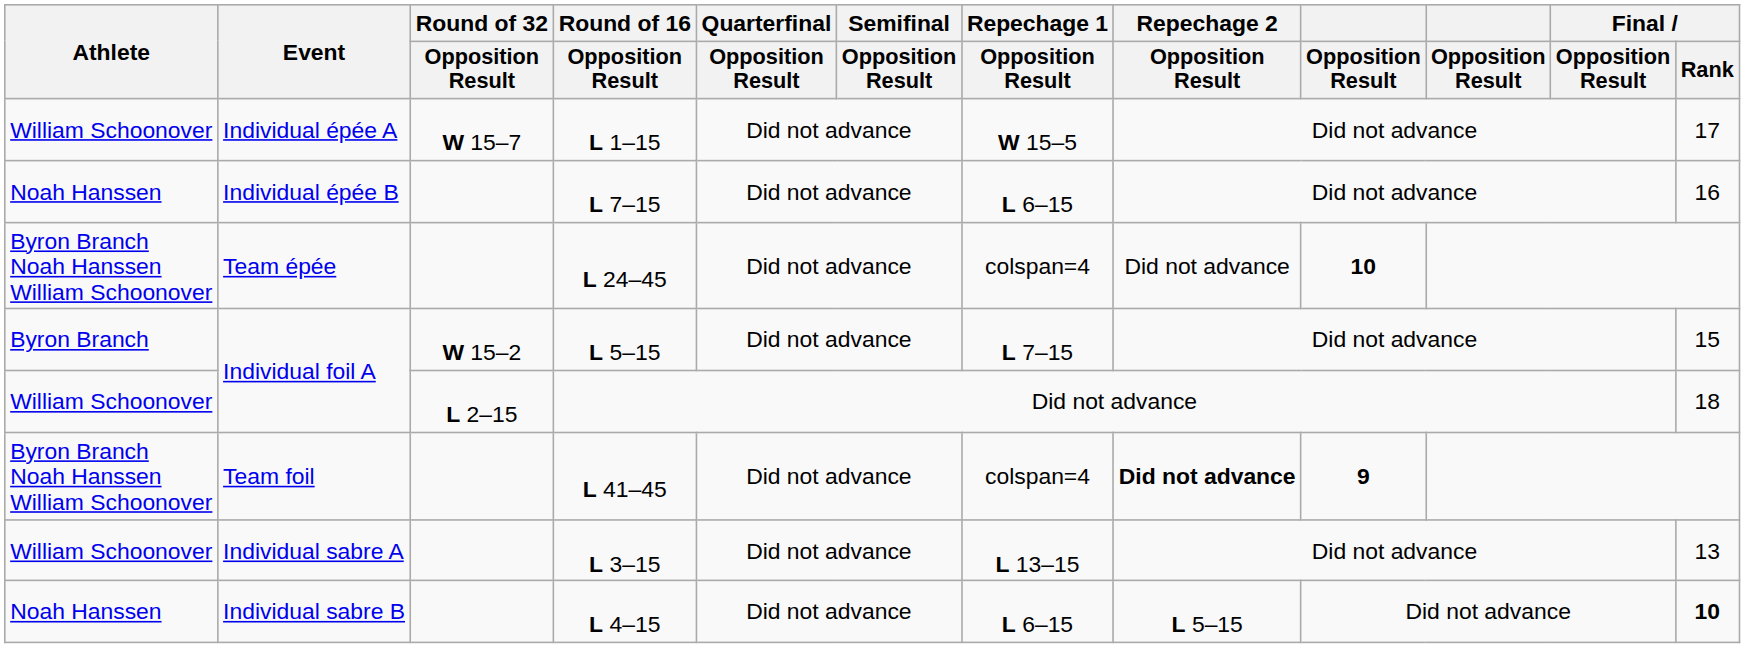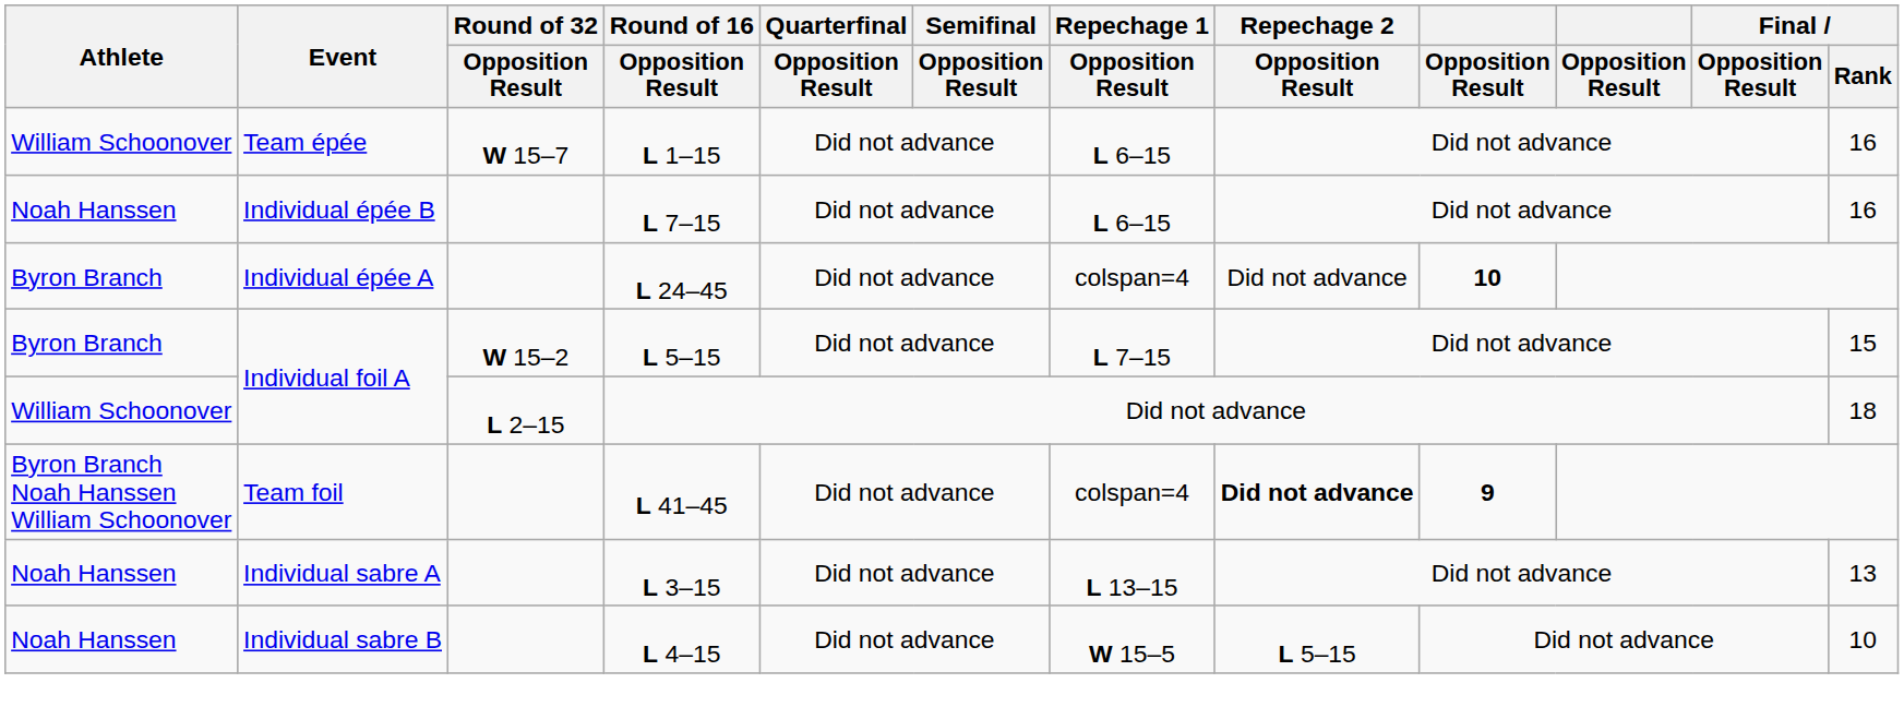 <table class=wikitable style=font-size:90%;text-align:center>
 <tr>
 <th rowspan=2>Athlete</th>
 <th rowspan=2>Event</th>
 <th>Round of 32</th>
 <th>Round of 16</th>
 <th>Quarterfinal</th>
 <th>Semifinal</th>
 <th>Repechage 1</th>
 <th>Repechage 2</th>
 <th></th>
 <th></th>
 <th colspan=2>Final / </th>
 </tr>
 <tr style=font-size:95%>
 <th>Opposition<br>Result</th>
 <th>Opposition<br>Result</th>
 <th>Opposition<br>Result</th>
 <th>Opposition<br>Result</th>
 <th>Opposition<br>Result</th>
 <th>Opposition<br>Result</th>
 <th>Opposition<br>Result</th>
 <th>Opposition<br>Result</th>
 <th>Opposition<br>Result</th>
 <th>Rank</th>
 </tr>
 <tr>
 <td align=left><a href='#'>William Schoonover</a></td>
-<td align=left><a href='#'>Individual épée A</a></td>
+<td align=left><a href='#'>Team épée</a></td>
 <td><br><strong>W</strong> 15–7</td>
 <td><br><strong>L</strong> 1–15</td>
 <td colspan=2>Did not advance</td>
-<td><br><strong>W</strong> 15–5</td>
+<td><br><strong>L</strong> 6–15</td>
 <td colspan=4>Did not advance</td>
-<td>17</td>
+<td>16</td>
 </tr>
 <tr>
 <td align=left><a href='#'>Noah Hanssen</a></td>
 <td align=left><a href='#'>Individual épée B</a></td>
 <td></td>
 <td><br><strong>L</strong> 7–15</td>
 <td colspan=2>Did not advance</td>
 <td><br><strong>L</strong> 6–15</td>
 <td colspan=4>Did not advance</td>
 <td>16</td>
 </tr>
 <tr>
-<td align=left><a href='#'>Byron Branch</a><br><a href='#'>Noah Hanssen</a><br><a href='#'>William Schoonover</a></td>
-<td align=left><a href='#'>Team épée</a></td>
+<td align=left><a href='#'>Byron Branch</a></td>
+<td align=left><a href='#'>Individual épée A</a></td>
 <td></td>
 <td><br><strong>L</strong> 24–45</td>
 <td colspan=2>Did not advance</td>
 <td>colspan=4 </td>
 <td>Did not advance</td>
 <td><strong>10</strong></td>
 </tr>
 <tr>
 <td align=left><a href='#'>Byron Branch</a></td>
 <td align=left rowspan=2><a href='#'>Individual foil A</a></td>
 <td><br><strong>W</strong> 15–2</td>
 <td><br><strong>L</strong> 5–15</td>
 <td colspan=2>Did not advance</td>
 <td><br><strong>L</strong> 7–15</td>
 <td colspan=4>Did not advance</td>
 <td>15</td>
 </tr>
 <tr>
 <td align=left><a href='#'>William Schoonover</a></td>
 <td><br><strong>L</strong> 2–15</td>
 <td colspan=8>Did not advance</td>
 <td>18</td>
 </tr>
 <tr>
 <td align=left><a href='#'>Byron Branch</a><br><a href='#'>Noah Hanssen</a><br><a href='#'>William Schoonover</a></td>
 <td align=left><a href='#'>Team foil</a></td>
 <td></td>
 <td><br><strong>L</strong> 41–45</td>
 <td colspan=2>Did not advance</td>
 <td>colspan=4 </td>
 <td><strong>Did not advance</strong></td>
 <td><strong>9</strong></td>
 </tr>
 <tr>
-<td align=left><a href='#'>William Schoonover</a></td>
+<td align=left><a href='#'>Noah Hanssen</a></td>
 <td align=left><a href='#'>Individual sabre A</a></td>
 <td></td>
 <td><br><strong>L</strong> 3–15</td>
 <td colspan=2>Did not advance</td>
 <td><br><strong>L</strong> 13–15</td>
 <td colspan=4>Did not advance</td>
 <td>13</td>
 </tr>
 <tr>
 <td align=left><a href='#'>Noah Hanssen</a></td>
 <td align=left><a href='#'>Individual sabre B</a></td>
 <td></td>
 <td><br><strong>L</strong> 4–15</td>
 <td colspan=2>Did not advance</td>
-<td><br><strong>L</strong> 6–15</td>
+<td><br><strong>W</strong> 15–5</td>
 <td><br><strong>L</strong> 5–15</td>
 <td colspan=3>Did not advance</td>
-<td><strong>10</strong></td>
+<td>10</td>
 </tr>
 </table>
